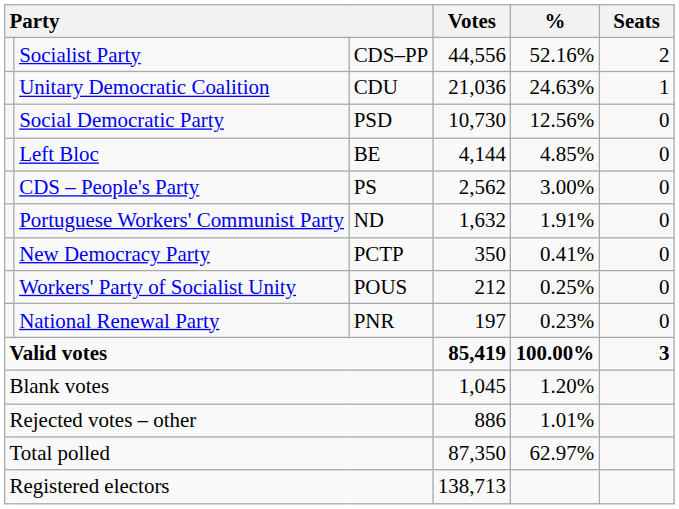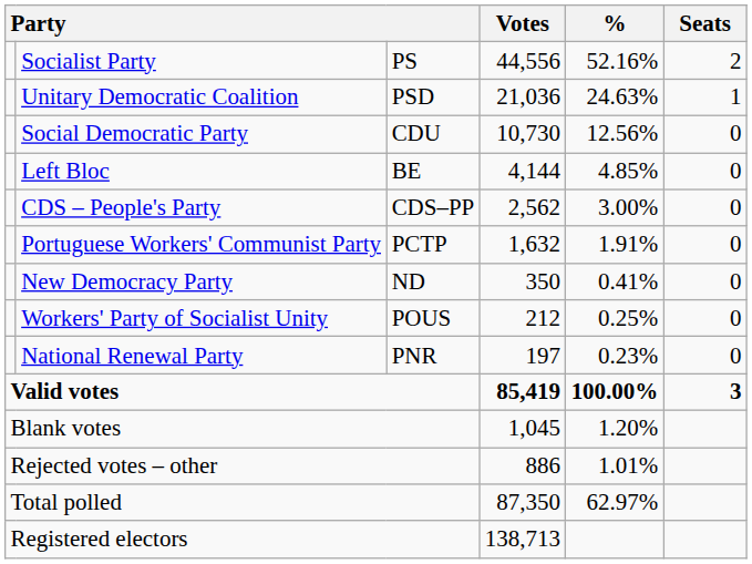 <table class="wikitable" border="1" style="text-align:right;">
 <tr>
 <th style="text-align:left;" colspan=3>Party</th>
 <th align=center width="50">Votes</th>
 <th align=center width="50">%</th>
 <th align=center width="50">Seats</th>
 </tr>
 <tr>
 <td></td>
 <td align=left><a href='#'>Socialist Party</a></td>
-<td align=left style="white-space: nowrap;">CDS–PP</td>
+<td align=left>PS</td>
 <td>44,556</td>
 <td>52.16%</td>
 <td>2</td>
 </tr>
 <tr>
 <td></td>
 <td align=left style="white-space: nowrap;"><a href='#'>Unitary Democratic Coalition</a></td>
-<td align=left>CDU</td>
+<td align=left>PSD</td>
 <td>21,036</td>
 <td>24.63%</td>
 <td>1</td>
 </tr>
 <tr>
 <td></td>
 <td align=left><a href='#'>Social Democratic Party</a></td>
-<td align=left>PSD</td>
+<td align=left>CDU</td>
 <td>10,730</td>
 <td>12.56%</td>
 <td>0</td>
 </tr>
 <tr>
 <td></td>
 <td align=left><a href='#'>Left Bloc</a></td>
 <td align=left>BE</td>
 <td>4,144</td>
 <td>4.85%</td>
 <td>0</td>
 </tr>
 <tr>
 <td></td>
 <td align=left><a href='#'>CDS – People's Party</a></td>
-<td align=left>PS</td>
+<td align=left style="white-space: nowrap;">CDS–PP</td>
 <td>2,562</td>
 <td>3.00%</td>
 <td>0</td>
 </tr>
 <tr>
 <td></td>
 <td align=left><a href='#'>Portuguese Workers' Communist Party</a></td>
-<td align=left>ND</td>
+<td align=left>PCTP</td>
 <td>1,632</td>
 <td>1.91%</td>
 <td>0</td>
 </tr>
 <tr>
 <td></td>
 <td align=left><a href='#'>New Democracy Party</a></td>
-<td align=left>PCTP</td>
+<td align=left>ND</td>
 <td>350</td>
 <td>0.41%</td>
 <td>0</td>
 </tr>
 <tr>
 <td></td>
 <td align=left><a href='#'>Workers' Party of Socialist Unity</a></td>
 <td align=left>POUS</td>
 <td>212</td>
 <td>0.25%</td>
 <td>0</td>
 </tr>
 <tr>
 <td></td>
 <td align=left><a href='#'>National Renewal Party</a></td>
 <td align=left>PNR</td>
 <td>197</td>
 <td>0.23%</td>
 <td>0</td>
 </tr>
 <tr style="font-weight:bold">
 <td align=left colspan=3>Valid votes</td>
 <td>85,419</td>
 <td>100.00%</td>
 <td>3</td>
 </tr>
 <tr>
 <td align=left colspan=3>Blank votes</td>
 <td>1,045</td>
 <td>1.20%</td>
 <td></td>
 </tr>
 <tr>
 <td align=left colspan=3>Rejected votes – other</td>
 <td>886</td>
 <td>1.01%</td>
 <td></td>
 </tr>
 <tr>
 <td align=left colspan=3>Total polled</td>
 <td>87,350</td>
 <td>62.97%</td>
 <td></td>
 </tr>
 <tr>
 <td align=left colspan=3>Registered electors</td>
 <td>138,713</td>
 <td></td>
 <td></td>
 </tr>
 </table>
